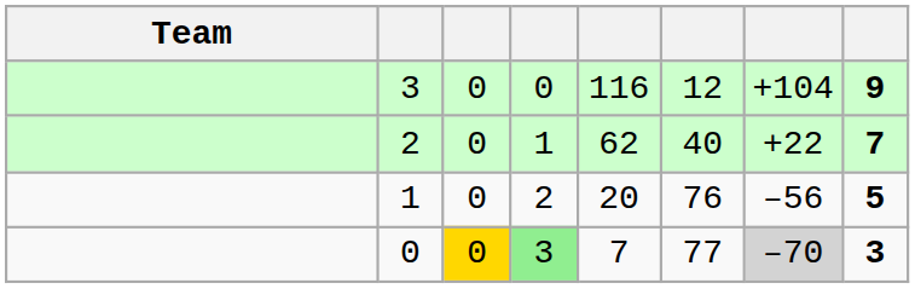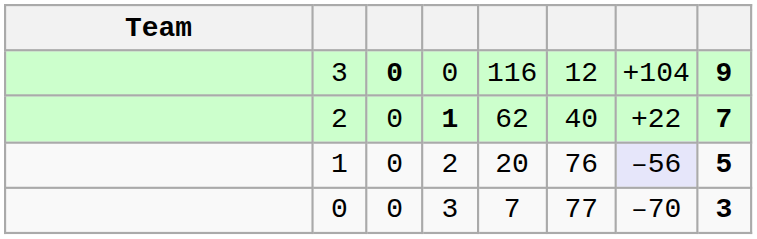 <table class="wikitable" style="text-align:center;">
 <tr>
 <th style="width:10.5em;">Team</th>
 <th style="width:1.5em;"></th>
 <th style="width:1.5em;"></th>
 <th style="width:1.5em;"></th>
 <th style="width:2.0em;"></th>
 <th style="width:2.0em;"></th>
 <th style="width:2.0em;"></th>
 <th style="width:1.5em;"></th>
 </tr>
 <tr bgcolor="#cfc">
 <td align="left"></td>
 <td>3</td>
-<td>0</td>
+<td><strong>0</strong></td>
 <td>0</td>
 <td>116</td>
 <td>12</td>
 <td>+104</td>
 <td><strong>9</strong></td>
 </tr>
 <tr bgcolor="#cfc">
 <td align="left"></td>
 <td>2</td>
 <td>0</td>
-<td>1</td>
+<td><strong>1</strong></td>
 <td>62</td>
 <td>40</td>
 <td>+22</td>
 <td><strong>7</strong></td>
 </tr>
 <tr>
 <td align="left"></td>
 <td>1</td>
 <td>0</td>
 <td>2</td>
 <td>20</td>
 <td>76</td>
-<td>–56</td>
+<td style="background: lavender;">–56</td>
 <td><strong>5</strong></td>
 </tr>
 <tr>
 <td align="left"></td>
 <td>0</td>
-<td style="background: gold;">0</td>
-<td style="background: lightgreen;">3</td>
+<td>0</td>
+<td>3</td>
 <td>7</td>
 <td>77</td>
-<td style="background: lightgrey;">–70</td>
+<td>–70</td>
 <td><strong>3</strong></td>
 </tr>
 </table>
